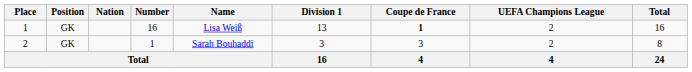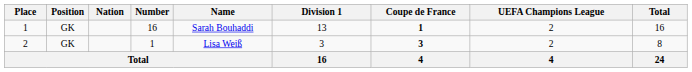 <table class="wikitable" style="font-size: 95%; text-align: center;">
 <tr>
 <th width=60>Place</th>
 <th width=60>Position</th>
 <th width=60>Nation</th>
 <th width=60>Number</th>
 <th width=150>Name</th>
 <th width=150>Division 1</th>
 <th width=150>Coupe de France</th>
 <th width=250>UEFA Champions League</th>
 <th width=80>Total</th>
 </tr>
 <tr>
 <td>1</td>
 <td>GK</td>
 <td></td>
 <td>16</td>
-<td><a href='#'>Lisa Weiß</a></td>
+<td><a href='#'>Sarah Bouhaddi</a></td>
 <td>13</td>
 <td><strong>1</strong></td>
 <td>2</td>
 <td>16</td>
 </tr>
 <tr>
 <td>2</td>
 <td>GK</td>
 <td></td>
 <td>1</td>
-<td><a href='#'>Sarah Bouhaddi</a></td>
+<td><a href='#'>Lisa Weiß</a></td>
 <td>3</td>
-<td>3</td>
+<td><strong>3</strong></td>
 <td>2</td>
 <td>8</td>
 </tr>
 <tr>
 <th colspan=5>Total</th>
 <th>16</th>
 <th>4</th>
 <th>4</th>
 <th>24</th>
 </tr>
 </table>
